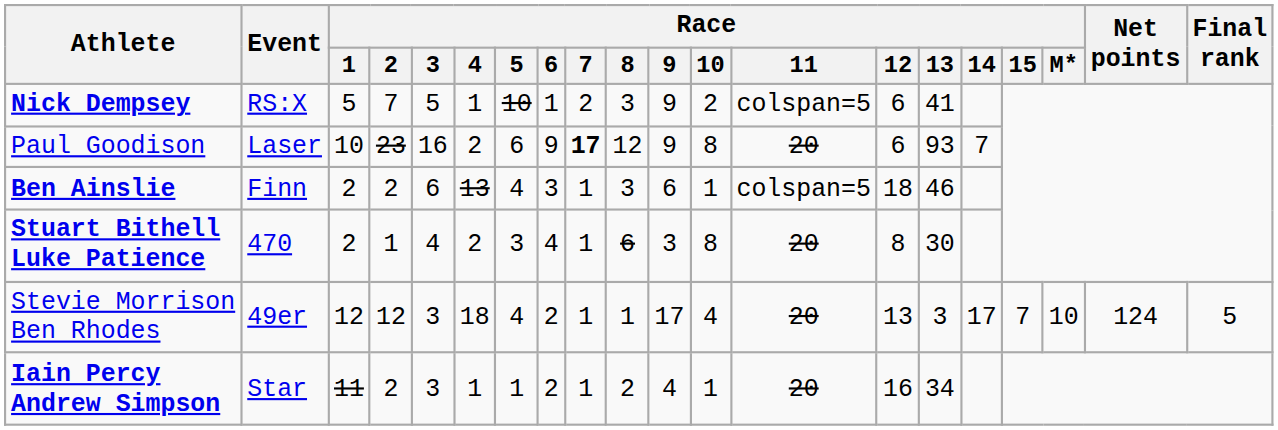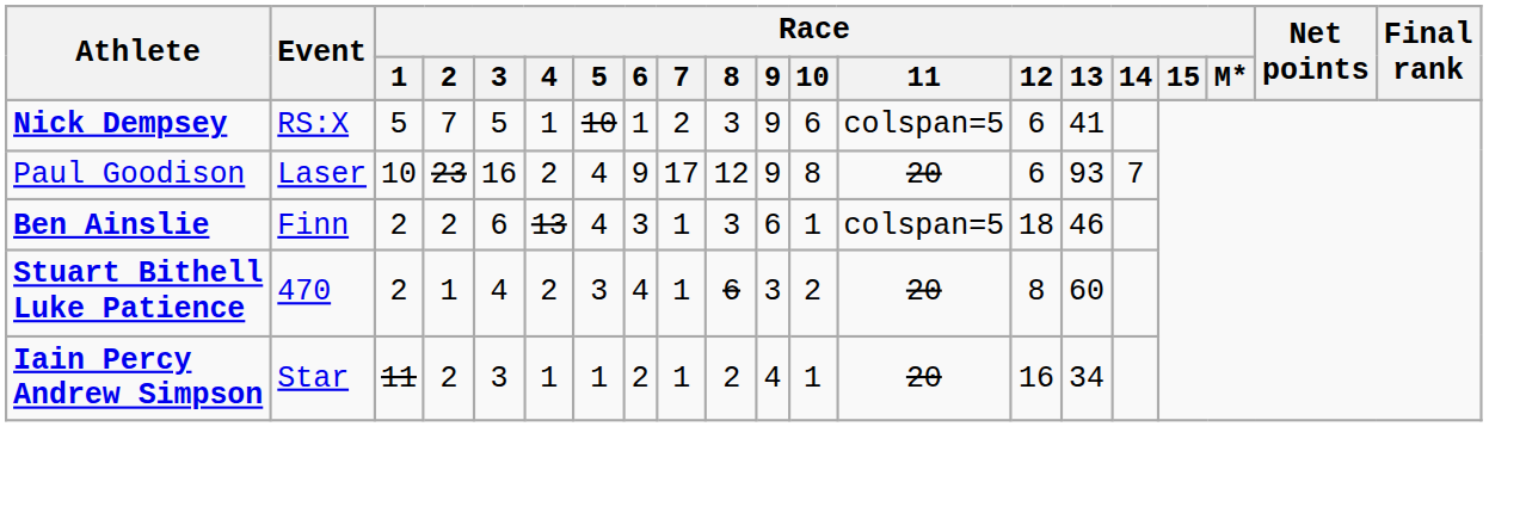 <table class="wikitable" style="text-align:center; font-size:90%;">
 <tr>
 <th rowspan=2>Athlete</th>
 <th rowspan=2>Event</th>
 <th colspan=16>Race</th>
 <th rowspan=2>Net <br>points</th>
 <th rowspan=2>Final <br>rank</th>
 </tr>
 <tr style="font-size:95%;">
 <th>1</th>
 <th>2</th>
 <th>3</th>
 <th>4</th>
 <th>5</th>
 <th>6</th>
 <th>7</th>
 <th>8</th>
 <th>9</th>
 <th>10</th>
 <th>11</th>
 <th>12</th>
 <th>13</th>
 <th>14</th>
 <th>15</th>
 <th>M*</th>
 </tr>
 <tr>
 <td style="text-align:left;"><strong><a href='#'>Nick Dempsey</a></strong></td>
 <td style="text-align:left;"><a href='#'>RS:X</a></td>
 <td>5</td>
 <td>7</td>
 <td>5</td>
 <td>1</td>
 <td><s>10</s></td>
 <td>1</td>
 <td>2</td>
 <td>3</td>
 <td>9</td>
-<td>2</td>
+<td>6</td>
 <td>colspan=5 </td>
 <td>6</td>
 <td>41</td>
 <td></td>
 </tr>
 <tr>
 <td style="text-align:left;"><a href='#'>Paul Goodison</a></td>
 <td style="text-align:left;"><a href='#'>Laser</a></td>
 <td>10</td>
 <td><s>23</s></td>
 <td>16</td>
 <td>2</td>
-<td>6</td>
+<td>4</td>
 <td>9</td>
-<td><strong>17</strong></td>
+<td>17</td>
 <td>12</td>
 <td>9</td>
 <td>8</td>
 <td><s>20</s></td>
 <td>6</td>
 <td>93</td>
 <td>7</td>
 </tr>
 <tr>
 <td style="text-align:left;"><strong><a href='#'>Ben Ainslie</a></strong></td>
 <td style="text-align:left;"><a href='#'>Finn</a></td>
 <td>2</td>
 <td>2</td>
 <td>6</td>
 <td><s>13</s></td>
 <td>4</td>
 <td>3</td>
 <td>1</td>
 <td>3</td>
 <td>6</td>
 <td>1</td>
 <td>colspan=5 </td>
 <td>18</td>
 <td>46</td>
 <td></td>
 </tr>
 <tr>
 <td style="text-align:left;"><strong><a href='#'>Stuart Bithell</a><br><a href='#'>Luke Patience</a></strong></td>
 <td style="text-align:left;"><a href='#'>470</a></td>
 <td>2</td>
 <td>1</td>
 <td>4</td>
 <td>2</td>
 <td>3</td>
 <td>4</td>
 <td>1</td>
 <td><s>6</s></td>
 <td>3</td>
-<td>8</td>
+<td>2</td>
 <td><s>20</s></td>
 <td>8</td>
-<td>30</td>
+<td>60</td>
 <td></td>
-</tr>
-<tr>
-<td style="text-align:left;"><a href='#'>Stevie Morrison</a><br> <a href='#'>Ben Rhodes</a></td>
-<td style="text-align:left;"><a href='#'>49er</a></td>
-<td>12</td>
-<td>12</td>
-<td>3</td>
-<td>18</td>
-<td>4</td>
-<td>2</td>
-<td>1</td>
-<td>1</td>
-<td>17</td>
-<td>4</td>
-<td><s>20</s></td>
-<td>13</td>
-<td>3</td>
-<td>17</td>
-<td>7</td>
-<td>10</td>
-<td>124</td>
-<td>5</td>
 </tr>
 <tr>
 <td style="text-align:left;"><strong><a href='#'>Iain Percy</a></strong><br><strong><a href='#'>Andrew Simpson</a></strong></td>
 <td style="text-align:left;"><a href='#'>Star</a></td>
 <td><s>11</s></td>
 <td>2</td>
 <td>3</td>
 <td>1</td>
 <td>1</td>
 <td>2</td>
 <td>1</td>
 <td>2</td>
 <td>4</td>
 <td>1</td>
 <td><s>20</s></td>
 <td>16</td>
 <td>34</td>
 <td></td>
 </tr>
 </table>
